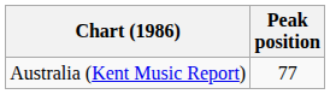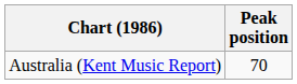 <table class="wikitable">
 <tr>
 <th scope="col">Chart (1986)</th>
 <th>Peak<br>position</th>
 </tr>
 <tr>
 <td>Australia (<a href='#'>Kent Music Report</a>)</td>
-<td style="text-align:center;">77</td>
+<td style="text-align:center;">70</td>
 </tr>
 <tr>
 </tr>
 <tr>
 </tr>
 </table>
